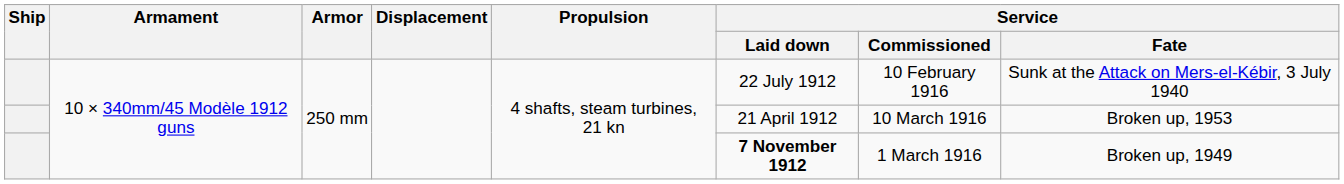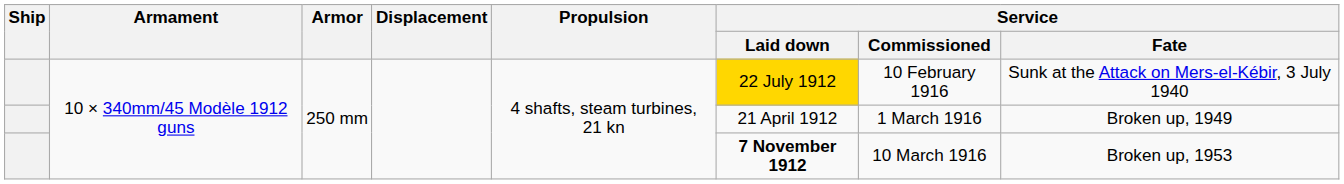 <table class="wikitable plainrowheaders" style="text-align: center;">
 <tr valign="top">
 <th scope="col" rowspan="2">Ship</th>
 <th scope="col" rowspan="2">Armament</th>
 <th scope="col" rowspan="2">Armor</th>
 <th scope="col" rowspan="2">Displacement</th>
 <th scope="col" rowspan="2">Propulsion</th>
 <th scope="col" colspan="3">Service</th>
 </tr>
 <tr valign="top">
 <th scope="col">Laid down</th>
 <th scope="col">Commissioned</th>
 <th scope="col">Fate</th>
 </tr>
 <tr valign="center">
 <th scope="row"></th>
 <td rowspan="3">10 × <a href='#'>340mm/45 Modèle 1912 guns</a></td>
 <td rowspan="3">250 mm</td>
 <td rowspan="3"></td>
 <td rowspan="3">4 shafts, steam turbines, 21 kn</td>
-<td>22 July 1912</td>
+<td style="background: gold;">22 July 1912</td>
 <td>10 February 1916</td>
 <td>Sunk at the <a href='#'>Attack on Mers-el-Kébir</a>, 3 July 1940</td>
 </tr>
 <tr valign="center">
 <th scope="row"></th>
 <td>21 April 1912</td>
-<td>10 March 1916</td>
-<td>Broken up, 1953</td>
+<td>1 March 1916</td>
+<td>Broken up, 1949</td>
 </tr>
 <tr valign="center">
 <th scope="row"></th>
 <td><strong>7 November 1912</strong></td>
-<td>1 March 1916</td>
-<td>Broken up, 1949</td>
+<td>10 March 1916</td>
+<td>Broken up, 1953</td>
 </tr>
 </table>
